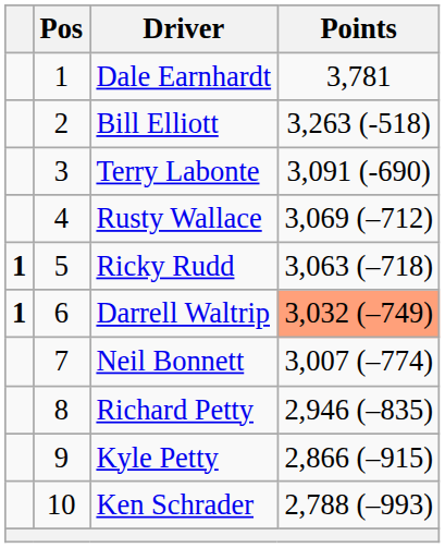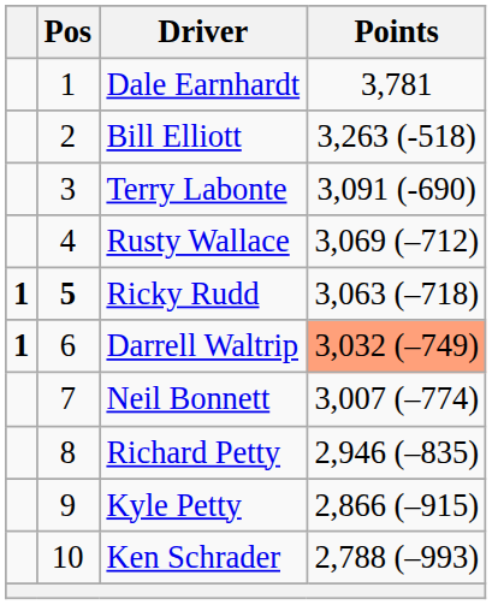 <table class="wikitable" style="font-size: 95%;">
 <tr>
 <th></th>
 <th>Pos</th>
 <th>Driver</th>
 <th>Points</th>
 </tr>
 <tr>
 <td align="left"></td>
 <td style="text-align:center;">1</td>
 <td><a href='#'>Dale Earnhardt</a></td>
 <td style="text-align:center;">3,781</td>
 </tr>
 <tr>
 <td align="left"></td>
 <td style="text-align:center;">2</td>
 <td><a href='#'>Bill Elliott</a></td>
 <td style="text-align:center;">3,263 (-518)</td>
 </tr>
 <tr>
 <td align="left"></td>
 <td style="text-align:center;">3</td>
 <td><a href='#'>Terry Labonte</a></td>
 <td style="text-align:center;">3,091 (-690)</td>
 </tr>
 <tr>
 <td align="left"></td>
 <td style="text-align:center;">4</td>
 <td><a href='#'>Rusty Wallace</a></td>
 <td style="text-align:center;">3,069 (–712)</td>
 </tr>
 <tr>
 <td align="left">  <strong>1</strong></td>
-<td style="text-align:center;">5</td>
+<td style="text-align:center;"><strong>5</strong></td>
 <td><a href='#'>Ricky Rudd</a></td>
 <td style="text-align:center;">3,063 (–718)</td>
 </tr>
 <tr>
 <td align="left">  <strong>1</strong></td>
 <td style="text-align:center;">6</td>
 <td><a href='#'>Darrell Waltrip</a></td>
 <td style="background: lightsalmon; text-align:center;">3,032 (–749)</td>
 </tr>
 <tr>
 <td align="left"></td>
 <td style="text-align:center;">7</td>
 <td><a href='#'>Neil Bonnett</a></td>
 <td style="text-align:center;">3,007 (–774)</td>
 </tr>
 <tr>
 <td align="left"></td>
 <td style="text-align:center;">8</td>
 <td><a href='#'>Richard Petty</a></td>
 <td style="text-align:center;">2,946 (–835)</td>
 </tr>
 <tr>
 <td align="left"></td>
 <td style="text-align:center;">9</td>
 <td><a href='#'>Kyle Petty</a></td>
 <td style="text-align:center;">2,866 (–915)</td>
 </tr>
 <tr>
 <td align="left"></td>
 <td style="text-align:center;">10</td>
 <td><a href='#'>Ken Schrader</a></td>
 <td style="text-align:center;">2,788 (–993)</td>
 </tr>
 <tr class="sortbottom">
 <th colspan="9"></th>
 </tr>
 </table>
